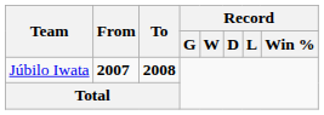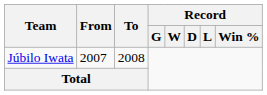 <table class="wikitable" style="text-align: center">
 <tr>
 <th rowspan="2">Team</th>
 <th rowspan="2">From</th>
 <th rowspan="2">To</th>
 <th colspan="5">Record</th>
 </tr>
 <tr>
 <th>G</th>
 <th>W</th>
 <th>D</th>
 <th>L</th>
 <th>Win %</th>
 </tr>
 <tr>
 <td align="left"><a href='#'>Júbilo Iwata</a></td>
-<td align="left"><strong>2007</strong></td>
-<td align="left"><strong>2008<br></strong></td>
+<td align="left">2007</td>
+<td align="left">2008<br></td>
 </tr>
 <tr>
 <th colspan="3">Total<br></th>
 </tr>
 </table>
